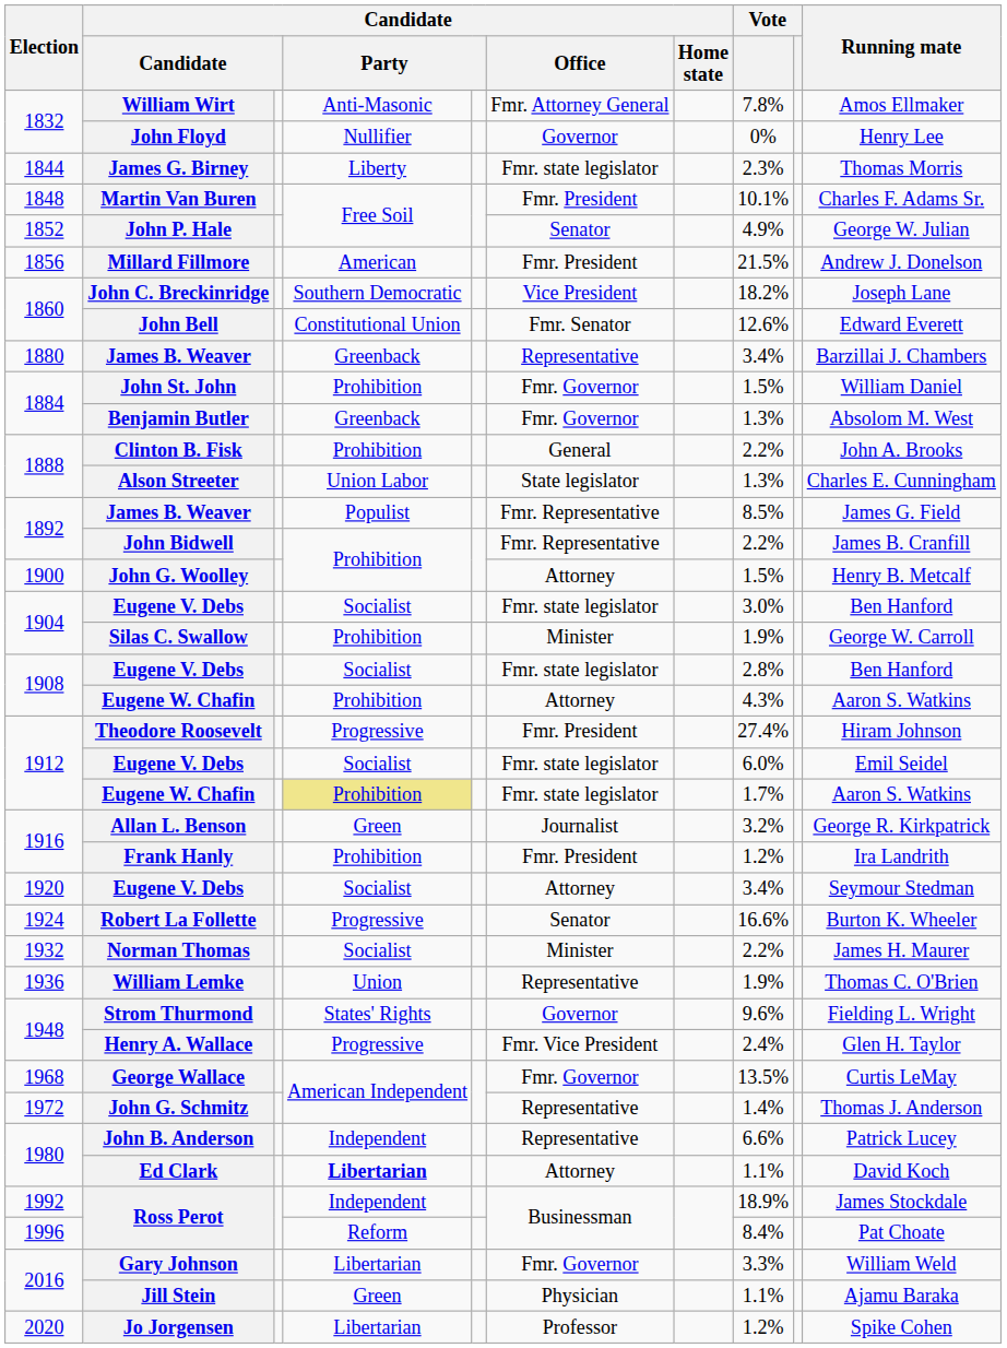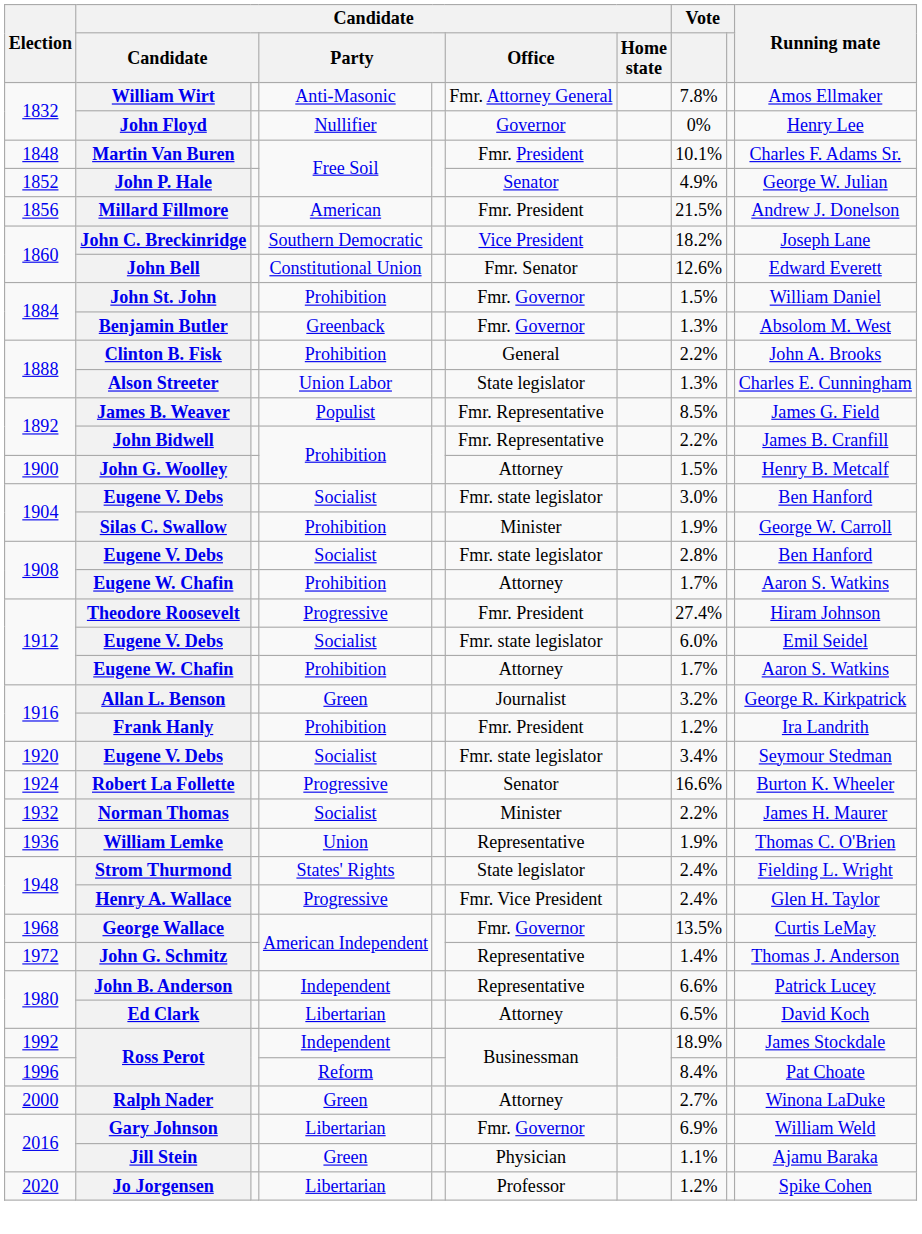 <table class="wikitable sortable" style="text-align:center;">
 <tr>
 <th rowspan=2>Election</th>
 <th colspan=6>Candidate</th>
 <th colspan=2>Vote</th>
 <th rowspan=2>Running mate</th>
 </tr>
 <tr>
 <th colspan=2>Candidate</th>
 <th colspan=2>Party</th>
 <th>Office</th>
 <th>Home<br>state</th>
 <th data-sort-type="number"></th>
 <th data-sort-type="number"></th>
 </tr>
 <tr>
 <td rowspan=2><a href='#'>1832</a></td>
 <th><a href='#'>William Wirt</a></th>
 <td></td>
 <td><a href='#'>Anti-Masonic</a></td>
 <td style="background-color:"> </td>
 <td data-sort-value= "execAttorneyGeneralf">Fmr. <a href='#'>Attorney General</a></td>
 <td></td>
 <td>7.8%</td>
 <td></td>
 <td><a href='#'>Amos Ellmaker</a></td>
 </tr>
 <tr>
 <th><a href='#'>John Floyd</a></th>
 <td></td>
 <td><a href='#'>Nullifier</a></td>
 <td style="background-color:"> </td>
 <td data-sort-value= "stateGovernor"><a href='#'>Governor</a></td>
 <td></td>
 <td>0%</td>
 <td></td>
 <td><a href='#'>Henry Lee</a></td>
-</tr>
-<tr>
-<td><a href='#'>1844</a></td>
-<th><a href='#'>James G. Birney</a></th>
-<td></td>
-<td><a href='#'>Liberty</a></td>
-<td style="background-color:"> </td>
-<td data-sort-value= "statelegislatorf">Fmr. state legislator</td>
-<td></td>
-<td>2.3%</td>
-<td></td>
-<td><a href='#'>Thomas Morris</a></td>
 </tr>
 <tr>
 <td><a href='#'>1848</a></td>
 <th><a href='#'>Martin Van Buren</a></th>
 <td></td>
 <td rowspan=2><a href='#'>Free Soil</a></td>
 <td rowspan=2 style="background-color:"> </td>
 <td data-sort-value= "execPresidentf">Fmr. <a href='#'>President</a></td>
 <td></td>
 <td>10.1%</td>
 <td></td>
 <td><a href='#'>Charles F. Adams Sr.</a></td>
 </tr>
 <tr>
 <td><a href='#'>1852</a></td>
 <th><a href='#'>John P. Hale</a></th>
 <td></td>
 <td data-sort-value = "legSenator"><a href='#'>Senator</a></td>
 <td></td>
 <td>4.9%</td>
 <td></td>
 <td><a href='#'>George W. Julian</a></td>
 </tr>
 <tr>
 <td><a href='#'>1856</a></td>
 <th><a href='#'>Millard Fillmore</a></th>
 <td></td>
 <td><a href='#'>American</a></td>
 <td style="background-color:"> </td>
 <td data-sort-value= "execPresidentf">Fmr. President</td>
 <td></td>
 <td>21.5%</td>
 <td></td>
 <td><a href='#'>Andrew J. Donelson</a></td>
 </tr>
 <tr>
 <td rowspan=2><a href='#'>1860</a></td>
 <th><a href='#'>John C. Breckinridge</a></th>
 <td></td>
 <td><a href='#'>Southern Democratic</a></td>
 <td style="background-color:"> </td>
 <td data-sort-value= "execVice President"><a href='#'>Vice President</a></td>
 <td></td>
 <td>18.2%</td>
 <td></td>
 <td><a href='#'>Joseph Lane</a></td>
 </tr>
 <tr>
 <th><a href='#'>John Bell</a></th>
 <td></td>
 <td><a href='#'>Constitutional Union</a></td>
 <td style="background-color:"> </td>
 <td data-sort-value = "legSenatorf">Fmr. Senator</td>
 <td></td>
 <td>12.6%</td>
 <td></td>
 <td><a href='#'>Edward Everett</a></td>
-</tr>
-<tr>
-<td><a href='#'>1880</a></td>
-<th><a href='#'>James B. Weaver</a></th>
-<td></td>
-<td><a href='#'>Greenback</a></td>
-<td style="background-color:"> </td>
-<td data-sort-value= "legHouse"><a href='#'>Representative</a></td>
-<td></td>
-<td>3.4%</td>
-<td></td>
-<td><a href='#'>Barzillai J. Chambers</a></td>
 </tr>
 <tr>
 <td rowspan=2><a href='#'>1884</a></td>
 <th><a href='#'>John St. John</a></th>
 <td></td>
 <td><a href='#'>Prohibition</a></td>
 <td style="background-color:"> </td>
 <td data-sort-value= "stategovernorf">Fmr. <a href='#'>Governor</a></td>
 <td></td>
 <td>1.5%</td>
 <td></td>
 <td><a href='#'>William Daniel</a></td>
 </tr>
 <tr>
 <th><a href='#'>Benjamin Butler</a></th>
 <td></td>
 <td><a href='#'>Greenback</a></td>
 <td style="background-color:"> </td>
 <td data-sort-value= "stategovernorf">Fmr. <a href='#'>Governor</a></td>
 <td></td>
 <td>1.3%</td>
 <td></td>
 <td><a href='#'>Absolom M. West</a></td>
 </tr>
 <tr>
 <td rowspan=2><a href='#'>1888</a></td>
 <th><a href='#'>Clinton B. Fisk</a></th>
 <td></td>
 <td><a href='#'>Prohibition</a></td>
 <td style="background-color:"> </td>
 <td data-sort-value= "milGeneral">General</td>
 <td></td>
 <td>2.2%</td>
 <td></td>
 <td><a href='#'>John A. Brooks</a></td>
 </tr>
 <tr>
 <th><a href='#'>Alson Streeter</a></th>
 <td></td>
 <td><a href='#'>Union Labor</a></td>
 <td style="background-color:"> </td>
 <td data-sort-value= "statelegislator">State legislator</td>
 <td></td>
 <td>1.3%</td>
 <td></td>
 <td><a href='#'>Charles E. Cunningham</a></td>
 </tr>
 <tr>
 <td rowspan=2><a href='#'>1892</a></td>
 <th><a href='#'>James B. Weaver</a></th>
 <td></td>
 <td><a href='#'>Populist</a></td>
 <td style="background-color:"> </td>
 <td data-sort-value= "legHousef">Fmr. Representative</td>
 <td></td>
 <td>8.5%</td>
 <td></td>
 <td><a href='#'>James G. Field</a></td>
 </tr>
 <tr>
 <th><a href='#'>John Bidwell</a></th>
 <td></td>
 <td rowspan=2><a href='#'>Prohibition</a></td>
 <td rowspan=2 style="background-color:"> </td>
 <td data-sort-value= "legHousef">Fmr. Representative</td>
 <td></td>
 <td>2.2%</td>
 <td></td>
 <td><a href='#'>James B. Cranfill</a></td>
 </tr>
 <tr>
 <td><a href='#'>1900</a></td>
 <th><a href='#'>John G. Woolley</a></th>
 <td></td>
 <td data-sort-value= "zattorney">Attorney</td>
 <td></td>
 <td>1.5%</td>
 <td></td>
 <td><a href='#'>Henry B. Metcalf</a></td>
 </tr>
 <tr>
 <td rowspan=2><a href='#'>1904</a></td>
 <th><a href='#'>Eugene V. Debs</a></th>
 <td></td>
 <td><a href='#'>Socialist</a></td>
 <td style="background-color:"> </td>
 <td data-sort-value= "statelegislatorf">Fmr. state legislator</td>
 <td></td>
 <td>3.0%</td>
 <td></td>
 <td><a href='#'>Ben Hanford</a></td>
 </tr>
 <tr>
 <th><a href='#'>Silas C. Swallow</a></th>
 <td></td>
 <td><a href='#'>Prohibition</a></td>
 <td style="background-color:"> </td>
 <td data-sort-value= "zminister">Minister</td>
 <td></td>
 <td>1.9%</td>
 <td></td>
 <td><a href='#'>George W. Carroll</a></td>
 </tr>
 <tr>
 <td rowspan=2><a href='#'>1908</a></td>
 <th><a href='#'>Eugene V. Debs</a></th>
 <td></td>
 <td><a href='#'>Socialist</a></td>
 <td style="background-color:"> </td>
 <td data-sort-value= "statelegislatorf">Fmr. state legislator</td>
 <td></td>
 <td>2.8%</td>
 <td></td>
 <td><a href='#'>Ben Hanford</a></td>
 </tr>
 <tr>
 <th><a href='#'>Eugene W. Chafin</a></th>
 <td></td>
 <td><a href='#'>Prohibition</a></td>
 <td style="background-color:"> </td>
 <td data-sort-value= "zattorney">Attorney</td>
 <td></td>
-<td>4.3%</td>
+<td>1.7%</td>
 <td></td>
 <td><a href='#'>Aaron S. Watkins</a></td>
 </tr>
 <tr>
 <td rowspan=3><a href='#'>1912</a></td>
 <th><a href='#'>Theodore Roosevelt</a></th>
 <td></td>
 <td><a href='#'>Progressive</a></td>
 <td style="background-color:"> </td>
 <td data-sort-value= "execPresidentf">Fmr. President</td>
 <td></td>
 <td>27.4%</td>
 <td></td>
 <td><a href='#'>Hiram Johnson</a></td>
 </tr>
 <tr>
 <th><a href='#'>Eugene V. Debs</a></th>
 <td></td>
 <td><a href='#'>Socialist</a></td>
 <td style="background-color:"> </td>
 <td data-sort-value= "statelegislatorf">Fmr. state legislator</td>
 <td></td>
 <td>6.0%</td>
 <td></td>
 <td><a href='#'>Emil Seidel</a></td>
 </tr>
 <tr>
 <th><a href='#'>Eugene W. Chafin</a></th>
 <td></td>
-<td style="background: khaki;"><a href='#'>Prohibition</a></td>
+<td><a href='#'>Prohibition</a></td>
 <td style="background-color:"> </td>
-<td data-sort-value= "statelegislatorf">Fmr. state legislator</td>
+<td data-sort-value= "zattorney">Attorney</td>
 <td></td>
 <td>1.7%</td>
 <td></td>
 <td><a href='#'>Aaron S. Watkins</a></td>
 </tr>
 <tr>
 <td rowspan=2><a href='#'>1916</a></td>
 <th><a href='#'>Allan L. Benson</a></th>
 <td></td>
 <td><a href='#'>Green</a></td>
 <td style="background-color:"> </td>
 <td data-sort-value= "zjournalist">Journalist</td>
 <td></td>
 <td>3.2%</td>
 <td></td>
 <td><a href='#'>George R. Kirkpatrick</a></td>
 </tr>
 <tr>
 <th><a href='#'>Frank Hanly</a></th>
 <td></td>
 <td><a href='#'>Prohibition</a></td>
 <td style="background-color:"> </td>
 <td data-sort-value= "execPresidentf">Fmr. President</td>
 <td></td>
 <td>1.2%</td>
 <td></td>
 <td><a href='#'>Ira Landrith</a></td>
 </tr>
 <tr>
 <td><a href='#'>1920</a></td>
 <th><a href='#'>Eugene V. Debs</a></th>
 <td></td>
 <td><a href='#'>Socialist</a></td>
 <td style="background-color:"> </td>
-<td data-sort-value= "zattorney">Attorney</td>
+<td data-sort-value= "statelegislatorf">Fmr. state legislator</td>
 <td></td>
 <td>3.4%</td>
 <td></td>
 <td><a href='#'>Seymour Stedman</a></td>
 </tr>
 <tr>
 <td><a href='#'>1924</a></td>
 <th><a href='#'>Robert La Follette</a></th>
 <td></td>
 <td><a href='#'>Progressive</a></td>
 <td style="background-color:"> </td>
 <td data-sort-value = "legSenator">Senator</td>
 <td></td>
 <td>16.6%</td>
 <td></td>
 <td><a href='#'>Burton K. Wheeler</a></td>
 </tr>
 <tr>
 <td><a href='#'>1932</a></td>
 <th><a href='#'>Norman Thomas</a></th>
 <td></td>
 <td><a href='#'>Socialist</a></td>
 <td style="background-color:"> </td>
 <td data-sort-value= "zMinister">Minister</td>
 <td></td>
 <td>2.2%</td>
 <td></td>
 <td><a href='#'>James H. Maurer</a></td>
 </tr>
 <tr>
 <td><a href='#'>1936</a></td>
 <th><a href='#'>William Lemke</a></th>
 <td></td>
 <td><a href='#'>Union</a></td>
 <td style="background-color:"> </td>
 <td data-sort-value= "legHouse">Representative</td>
 <td></td>
 <td>1.9%</td>
 <td></td>
 <td><a href='#'>Thomas C. O'Brien</a></td>
 </tr>
 <tr>
 <td rowspan=2><a href='#'>1948</a></td>
 <th><a href='#'>Strom Thurmond</a></th>
 <td></td>
 <td><a href='#'>States' Rights</a></td>
 <td style="background-color:"> </td>
-<td data-sort-value= "stateGovernor"><a href='#'>Governor</a></td>
+<td data-sort-value= "statelegislator">State legislator</td>
 <td></td>
-<td>9.6%</td>
+<td>2.4%</td>
 <td></td>
 <td><a href='#'>Fielding L. Wright</a></td>
 </tr>
 <tr>
 <th><a href='#'>Henry A. Wallace</a></th>
 <td></td>
 <td><a href='#'>Progressive</a></td>
 <td style="background-color:"> </td>
 <td data-sort-value= "execVice Presidentf">Fmr. Vice President</td>
 <td></td>
 <td>2.4%</td>
 <td></td>
 <td><a href='#'>Glen H. Taylor</a></td>
 </tr>
 <tr>
 <td><a href='#'>1968</a></td>
 <th><a href='#'>George Wallace</a></th>
 <td></td>
 <td rowspan=2><a href='#'>American Independent</a></td>
 <td rowspan=2 style="background-color:"> </td>
 <td data-sort-value= "stateGovernorf">Fmr. <a href='#'>Governor</a></td>
 <td></td>
 <td>13.5%</td>
 <td></td>
 <td><a href='#'>Curtis LeMay</a></td>
 </tr>
 <tr>
 <td><a href='#'>1972</a></td>
 <th><a href='#'>John G. Schmitz</a></th>
 <td></td>
 <td data-sort-value= "legHouse">Representative</td>
 <td></td>
 <td>1.4%</td>
 <td></td>
 <td><a href='#'>Thomas J. Anderson</a></td>
 </tr>
 <tr>
 <td rowspan=2><a href='#'>1980</a></td>
 <th><a href='#'>John B. Anderson</a></th>
 <td></td>
 <td><a href='#'>Independent</a></td>
 <td style="background-color:"> </td>
 <td data-sort-value= "legHouse">Representative</td>
 <td></td>
 <td>6.6%</td>
 <td></td>
 <td><a href='#'>Patrick Lucey</a></td>
 </tr>
 <tr>
 <th><a href='#'>Ed Clark</a></th>
 <td></td>
-<td><strong><a href='#'>Libertarian</a></strong></td>
+<td><a href='#'>Libertarian</a></td>
 <td style="background-color:"> </td>
 <td data-sort-value= "zAttorney">Attorney</td>
 <td></td>
-<td>1.1%</td>
+<td>6.5%</td>
 <td></td>
 <td><a href='#'>David Koch</a></td>
 </tr>
 <tr>
 <td><a href='#'>1992</a></td>
 <th rowspan=2><a href='#'>Ross Perot</a></th>
 <td rowspan=2></td>
 <td><a href='#'>Independent</a></td>
 <td style="background-color:"> </td>
 <td rowspan=2 data-sort-value="zBusinessman">Businessman</td>
 <td rowspan=2></td>
 <td>18.9%</td>
 <td></td>
 <td><a href='#'>James Stockdale</a></td>
 </tr>
 <tr>
 <td><a href='#'>1996</a></td>
 <td><a href='#'>Reform</a></td>
 <td style="background-color:"> </td>
 <td>8.4%</td>
 <td></td>
 <td><a href='#'>Pat Choate</a></td>
 </tr>
 <tr>
+<td><a href='#'>2000</a></td>
+<th><a href='#'>Ralph Nader</a></th>
+<td></td>
+<td><a href='#'>Green</a></td>
+<td style="background-color:"> </td>
+<td data-sort-value= "zattorney">Attorney</td>
+<td></td>
+<td>2.7%</td>
+<td></td>
+<td><a href='#'>Winona LaDuke</a></td>
+</tr>
+<tr>
 <td rowspan=2><a href='#'>2016</a></td>
 <th><a href='#'>Gary Johnson</a></th>
 <td></td>
 <td><a href='#'>Libertarian</a></td>
 <td style="background-color:"> </td>
 <td data-sort-value= "stateGovernorf">Fmr. <a href='#'>Governor</a></td>
 <td></td>
-<td>3.3%</td>
+<td>6.9%</td>
 <td></td>
 <td><a href='#'>William Weld</a></td>
 </tr>
 <tr>
 <th><a href='#'>Jill Stein</a></th>
 <td></td>
 <td><a href='#'>Green</a></td>
 <td style="background-color:"> </td>
 <td data-sort-value= "zPhysician">Physician</td>
 <td></td>
 <td>1.1%</td>
 <td></td>
 <td><a href='#'>Ajamu Baraka</a></td>
 </tr>
 <tr>
 <td><a href='#'>2020</a></td>
 <th><a href='#'>Jo Jorgensen</a></th>
 <td></td>
 <td><a href='#'>Libertarian</a></td>
 <td style="background-color:"> </td>
 <td data-sort-value= "zProfessor">Professor</td>
 <td></td>
 <td>1.2%</td>
 <td></td>
 <td><a href='#'>Spike Cohen</a></td>
 </tr>
 </table>
